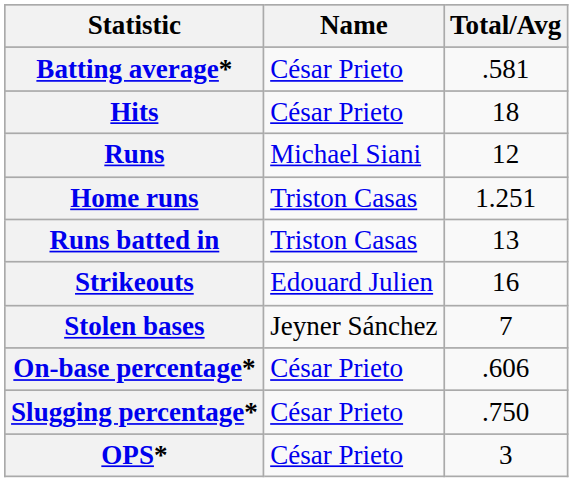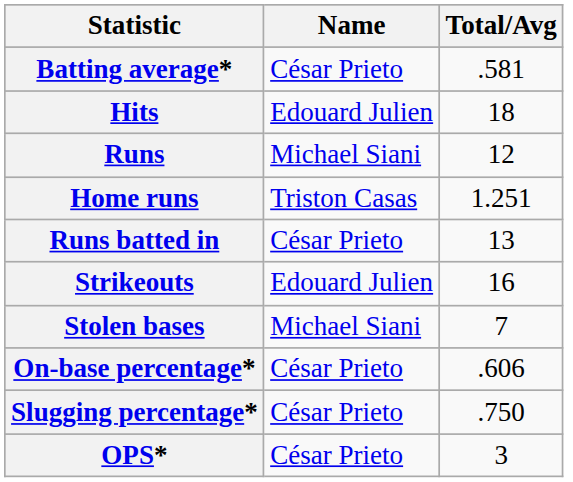 <table class="wikitable plainrowheaders">
 <tr>
 <th scope="col">Statistic</th>
 <th scope="col">Name</th>
 <th scope="col">Total/Avg</th>
 </tr>
 <tr>
 <th scope="row"><a href='#'>Batting average</a>*</th>
 <td> <a href='#'>César Prieto</a></td>
 <td align=center>.581</td>
 </tr>
 <tr>
 <th scope="row"><a href='#'>Hits</a></th>
-<td> <a href='#'>César Prieto</a></td>
+<td> <a href='#'>Edouard Julien</a></td>
 <td align=center>18</td>
 </tr>
 <tr>
 <th scope="row"><a href='#'>Runs</a></th>
 <td> <a href='#'>Michael Siani</a></td>
 <td align=center>12</td>
 </tr>
 <tr>
 <th scope="row"><a href='#'>Home runs</a></th>
 <td> <a href='#'>Triston Casas</a></td>
 <td align=center>1.251</td>
 </tr>
 <tr>
 <th scope="row"><a href='#'>Runs batted in</a></th>
-<td> <a href='#'>Triston Casas</a></td>
+<td> <a href='#'>César Prieto</a></td>
 <td align=center>13</td>
 </tr>
 <tr>
 <th scope="row"><a href='#'>Strikeouts</a></th>
 <td> <a href='#'>Edouard Julien</a></td>
 <td align=center>16</td>
 </tr>
 <tr>
 <th scope="row"><a href='#'>Stolen bases</a></th>
-<td> Jeyner Sánchez</td>
+<td> <a href='#'>Michael Siani</a></td>
 <td align=center>7</td>
 </tr>
 <tr>
 <th scope="row"><a href='#'>On-base percentage</a>*</th>
 <td> <a href='#'>César Prieto</a></td>
 <td align=center>.606</td>
 </tr>
 <tr>
 <th scope="row"><a href='#'>Slugging percentage</a>*</th>
 <td> <a href='#'>César Prieto</a></td>
 <td align=center>.750</td>
 </tr>
 <tr>
 <th scope="row"><a href='#'>OPS</a>*</th>
 <td> <a href='#'>César Prieto</a></td>
 <td align=center>3</td>
 </tr>
 </table>
